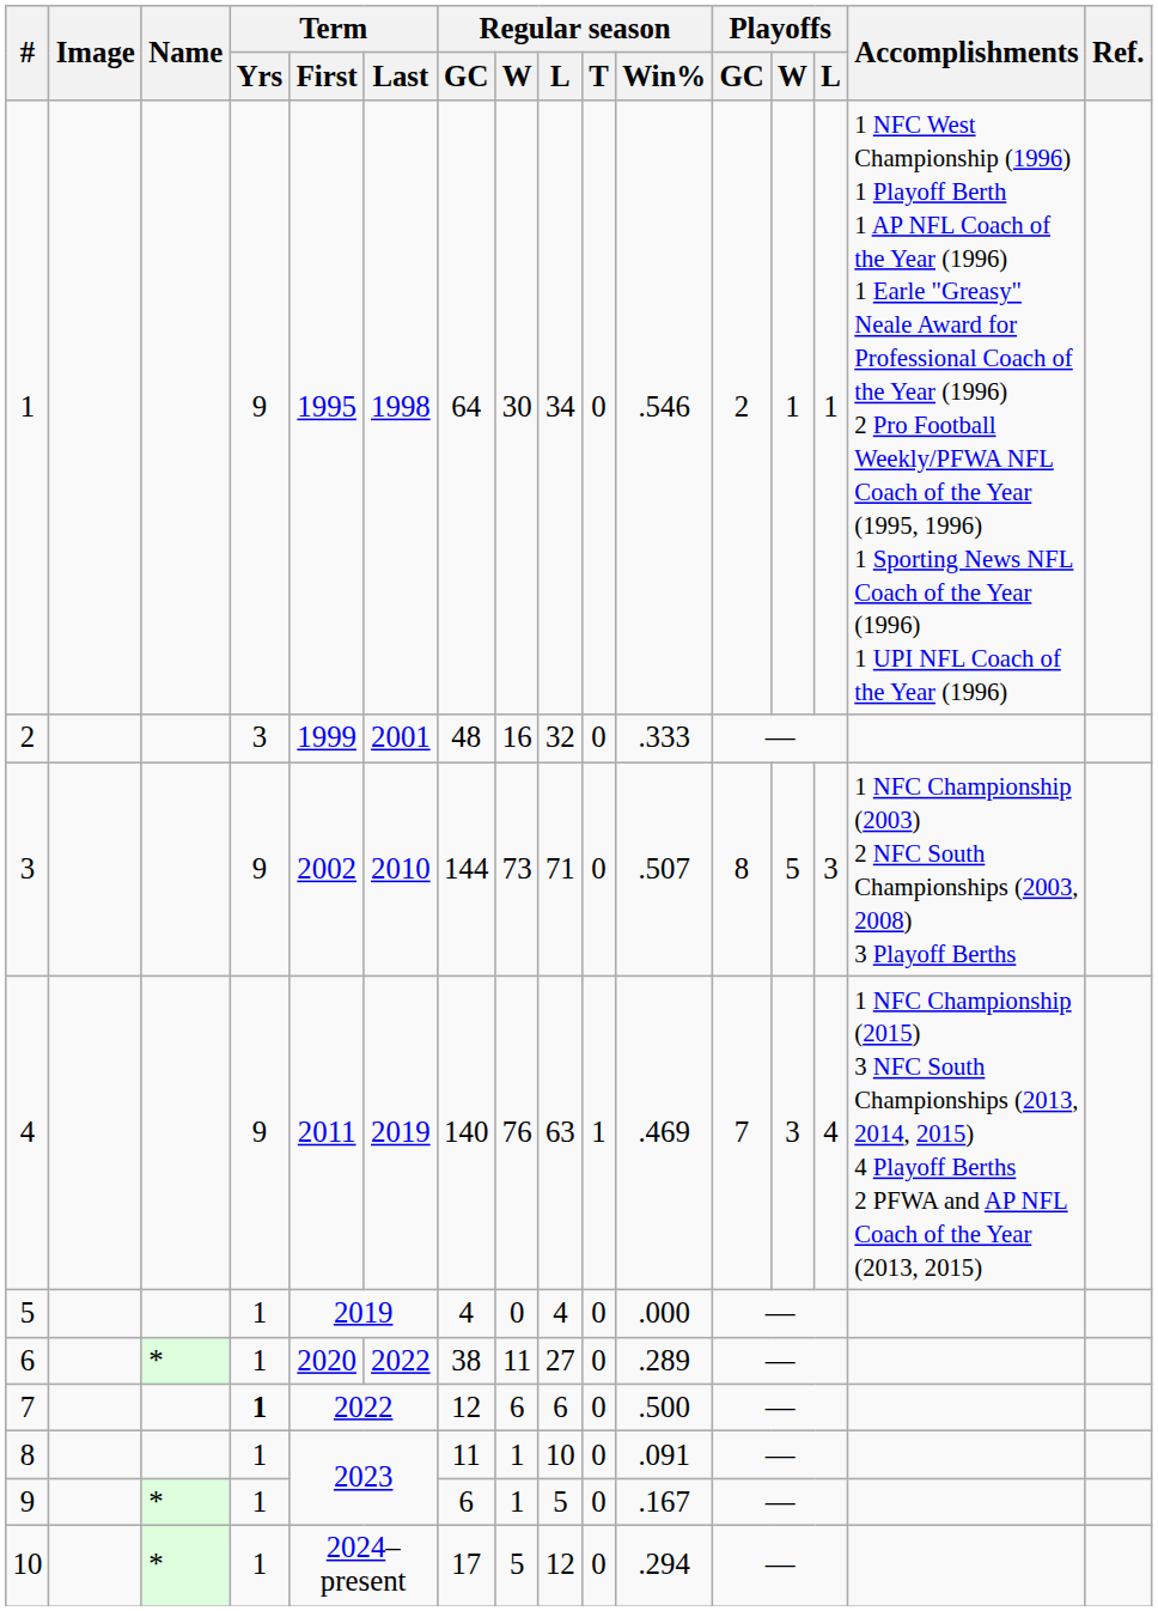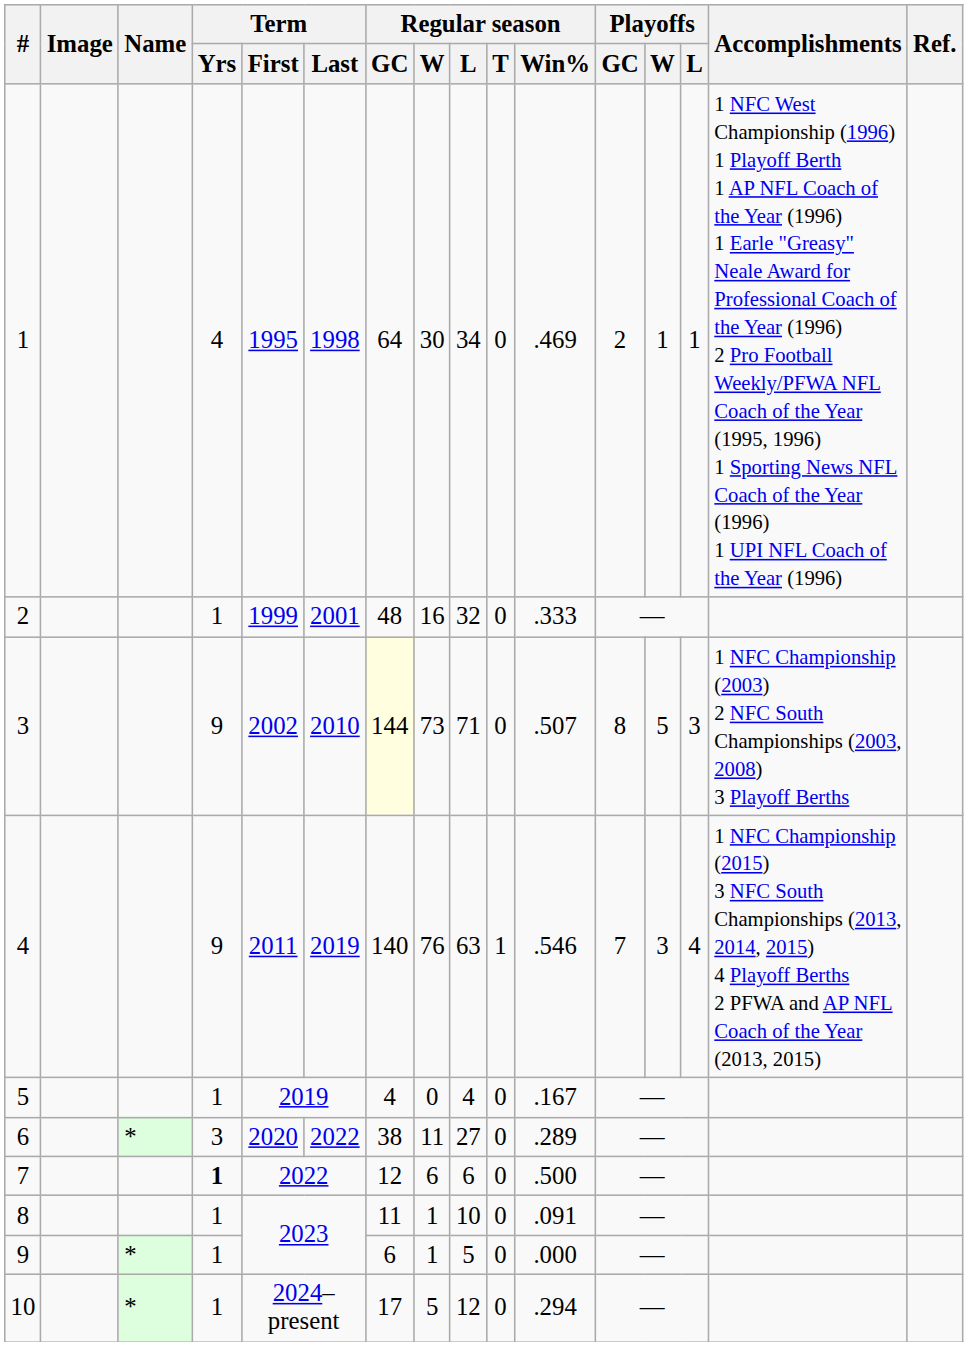 <table class="wikitable sortable" style="text-align:center">
 <tr>
 <th rowspan="2" class="unsortable">#</th>
 <th rowspan="2" class="unsortable">Image</th>
 <th rowspan="2">Name</th>
 <th colspan="3">Term</th>
 <th colspan="5">Regular season</th>
 <th colspan="3">Playoffs</th>
 <th rowspan="2" class="unsortable">Accomplishments</th>
 <th rowspan="2" class="unsortable">Ref.</th>
 </tr>
 <tr>
 <th>Yrs</th>
 <th>First</th>
 <th>Last</th>
 <th>GC</th>
 <th>W</th>
 <th>L</th>
 <th class="unsortable">T</th>
 <th>Win%</th>
 <th>GC</th>
 <th>W</th>
 <th>L</th>
 </tr>
 <tr>
 <td>1</td>
 <td></td>
 <td align="left"></td>
-<td>9</td>
+<td>4</td>
 <td><a href='#'>1995</a></td>
 <td><a href='#'>1998</a></td>
 <td>64</td>
 <td>30</td>
 <td>34</td>
 <td>0</td>
-<td>.546</td>
+<td>.469</td>
 <td>2</td>
 <td>1</td>
 <td>1</td>
 <td align="left"><small>1 <a href='#'>NFC West</a> Championship (<a href='#'>1996</a>)<br>1 <a href='#'>Playoff Berth</a> <br>1 <a href='#'>AP NFL Coach of the Year</a> (1996) <br> 1 <a href='#'>Earle "Greasy" Neale Award for Professional Coach of the Year</a> (1996)<br>2 <a href='#'>Pro Football Weekly/PFWA NFL Coach of the Year</a> (1995, 1996)<br>1 <a href='#'>Sporting News NFL Coach of the Year</a> (1996)<br>1 <a href='#'>UPI NFL Coach of the Year</a> (1996)</small></td>
 <td></td>
 </tr>
 <tr>
 <td>2</td>
 <td></td>
 <td align="left"></td>
-<td>3</td>
+<td>1</td>
 <td><a href='#'>1999</a></td>
 <td><a href='#'>2001</a></td>
 <td>48</td>
 <td>16</td>
 <td>32</td>
 <td>0</td>
 <td>.333</td>
 <td colspan="3">—</td>
 <td></td>
 <td></td>
 </tr>
 <tr>
 <td>3</td>
 <td></td>
 <td align="left"></td>
 <td>9</td>
 <td><a href='#'>2002</a></td>
 <td><a href='#'>2010</a></td>
-<td>144</td>
+<td style="background: lightyellow;">144</td>
 <td>73</td>
 <td>71</td>
 <td>0</td>
 <td>.507</td>
 <td>8</td>
 <td>5</td>
 <td>3</td>
 <td align="left"><small>1 <a href='#'>NFC Championship</a> (<a href='#'>2003</a>) <br>2 <a href='#'>NFC South</a> Championships (<a href='#'>2003</a>, <a href='#'>2008</a>)<br>3 <a href='#'>Playoff Berths</a></small></td>
 <td></td>
 </tr>
 <tr>
 <td>4</td>
 <td></td>
 <td align="left"></td>
 <td>9</td>
 <td><a href='#'>2011</a></td>
 <td><a href='#'>2019</a></td>
 <td>140</td>
 <td>76</td>
 <td>63</td>
 <td>1</td>
-<td>.469</td>
+<td>.546</td>
 <td>7</td>
 <td>3</td>
 <td>4</td>
 <td align="left"><small>1 <a href='#'>NFC Championship</a> (<a href='#'>2015</a>) <br>3 <a href='#'>NFC South</a> Championships (<a href='#'>2013</a>, <a href='#'>2014</a>, <a href='#'>2015</a>)<br>4 <a href='#'>Playoff Berths</a> <br> 2 PFWA and <a href='#'>AP NFL Coach of the Year</a> (2013, 2015)</small></td>
 <td></td>
 </tr>
 <tr>
 <td>5</td>
 <td></td>
 <td align="left"></td>
 <td>1</td>
 <td colspan="2"><a href='#'>2019</a></td>
 <td>4</td>
 <td>0</td>
 <td>4</td>
 <td>0</td>
-<td>.000</td>
+<td>.167</td>
 <td colspan="3">—</td>
 <td></td>
 <td></td>
 </tr>
 <tr>
 <td>6</td>
 <td></td>
 <td align="left" style="background-color:#ddffdd">*</td>
-<td>1</td>
+<td>3</td>
 <td><a href='#'>2020</a></td>
 <td><a href='#'>2022</a></td>
 <td>38</td>
 <td>11</td>
 <td>27</td>
 <td>0</td>
 <td>.289</td>
 <td colspan="3">—</td>
 <td></td>
 <td></td>
 </tr>
 <tr>
 <td>7</td>
 <td></td>
 <td align="left"></td>
 <td><strong>1</strong></td>
 <td colspan="2"><a href='#'>2022</a></td>
 <td>12</td>
 <td>6</td>
 <td>6</td>
 <td>0</td>
 <td>.500</td>
 <td colspan="3">—</td>
 <td></td>
 <td></td>
 </tr>
 <tr>
 <td>8</td>
 <td></td>
 <td align="left"></td>
 <td>1</td>
 <td colspan="2" rowspan="2"><a href='#'>2023</a></td>
 <td>11</td>
 <td>1</td>
 <td>10</td>
 <td>0</td>
 <td>.091</td>
 <td colspan="3">—</td>
 <td></td>
 <td></td>
 </tr>
 <tr>
 <td>9</td>
 <td></td>
 <td align="left" style="background-color:#ddffdd">*</td>
 <td>1</td>
 <td>6</td>
 <td>1</td>
 <td>5</td>
 <td>0</td>
-<td>.167</td>
+<td>.000</td>
 <td colspan="3">—</td>
 <td></td>
 <td></td>
 </tr>
 <tr>
 <td>10</td>
 <td></td>
 <td align="left" style="background-color:#ddffdd">*</td>
 <td>1</td>
 <td colspan="2"><a href='#'>2024</a>–present</td>
 <td>17</td>
 <td>5</td>
 <td>12</td>
 <td>0</td>
 <td>.294</td>
 <td colspan="3">—</td>
 <td></td>
 <td></td>
 </tr>
 <tr>
 </tr>
 </table>
